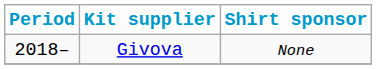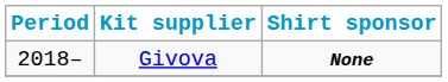 <table class="wikitable"  style="text-align: center;">
 <tr>
 <th style="color:#0099CC; background:white;">Period</th>
 <th style="color:#0099CC; background:white;">Kit supplier</th>
 <th style="color:#0099CC; background:white;">Shirt sponsor</th>
 </tr>
 <tr>
 <td>2018–</td>
 <td><a href='#'>Givova</a></td>
-<td><small><em>None</em></small></td>
+<td><strong><small><em>None</em></small></strong></td>
 </tr>
 <tr>
 </tr>
 </table>
